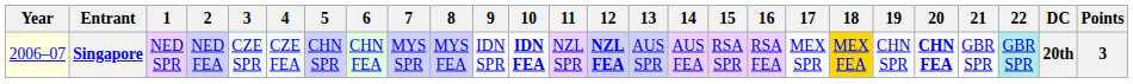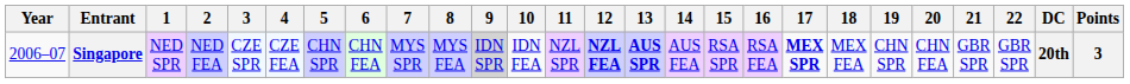 <table class="wikitable" style="text-align:center; font-size:90%">
 <tr>
 <th>Year</th>
 <th>Entrant</th>
 <th>1</th>
 <th>2</th>
 <th>3</th>
 <th>4</th>
 <th>5</th>
 <th>6</th>
 <th>7</th>
 <th>8</th>
 <th>9</th>
 <th>10</th>
 <th>11</th>
 <th>12</th>
 <th>13</th>
 <th>14</th>
 <th>15</th>
 <th>16</th>
 <th>17</th>
 <th>18</th>
 <th>19</th>
 <th>20</th>
 <th>21</th>
 <th>22</th>
 <th>DC</th>
 <th>Points</th>
 </tr>
 <tr>
-<td style="background: lightyellow;"><a href='#'>2006–07</a></td>
+<td><a href='#'>2006–07</a></td>
 <th rowspan=3><a href='#'>Singapore</a></th>
 <td style="background:#EFCFFF;"><a href='#'>NED<br>SPR</a><br></td>
 <td style="background:#CFCFFF;"><a href='#'>NED<br>FEA</a><br></td>
 <td style="background:#F1F8FF;"><a href='#'>CZE<br>SPR</a><br></td>
 <td style="background:#F1F8FF;"><a href='#'>CZE<br>FEA</a><br></td>
 <td style="background:#CFCFFF;"><a href='#'>CHN<br>SPR</a><br></td>
 <td style="background:#DFFFDF;"><a href='#'>CHN<br>FEA</a><br></td>
 <td style="background:#CFCFFF;"><a href='#'>MYS<br>SPR</a><br></td>
 <td style="background:#CFCFFF;"><a href='#'>MYS<br>FEA</a><br></td>
-<td><a href='#'>IDN<br>SPR</a></td>
-<td><strong><a href='#'>IDN<br>FEA</a></strong></td>
+<td style="background: lightgrey;"><a href='#'>IDN<br>SPR</a></td>
+<td><a href='#'>IDN<br>FEA</a></td>
 <td style="background:#EFCFFF;"><a href='#'>NZL<br>SPR</a><br></td>
 <td style="background:#CFCFFF;"><strong><a href='#'>NZL<br>FEA</a><br></strong></td>
-<td style="background:#CFCFFF;"><a href='#'>AUS<br>SPR</a><br></td>
+<td style="background:#CFCFFF;"><strong><a href='#'>AUS<br>SPR</a><br></strong></td>
 <td style="background:#EFCFFF;"><a href='#'>AUS<br>FEA</a><br></td>
 <td style="background:#EFCFFF;"><a href='#'>RSA<br>SPR</a><br></td>
 <td style="background:#EFCFFF;"><a href='#'>RSA<br>FEA</a><br></td>
-<td><a href='#'>MEX<br>SPR</a></td>
-<td style="background: gold;"><a href='#'>MEX<br>FEA</a></td>
+<td><strong><a href='#'>MEX<br>SPR</a></strong></td>
+<td><a href='#'>MEX<br>FEA</a></td>
 <td><a href='#'>CHN<br>SPR</a></td>
-<td><strong><a href='#'>CHN<br>FEA</a></strong></td>
+<td><a href='#'>CHN<br>FEA</a></td>
 <td><a href='#'>GBR<br>SPR</a></td>
-<td style="background: paleturquoise;"><a href='#'>GBR<br>SPR</a></td>
+<td><a href='#'>GBR<br>SPR</a></td>
 <th>20th</th>
 <th>3</th>
 </tr>
 </table>
